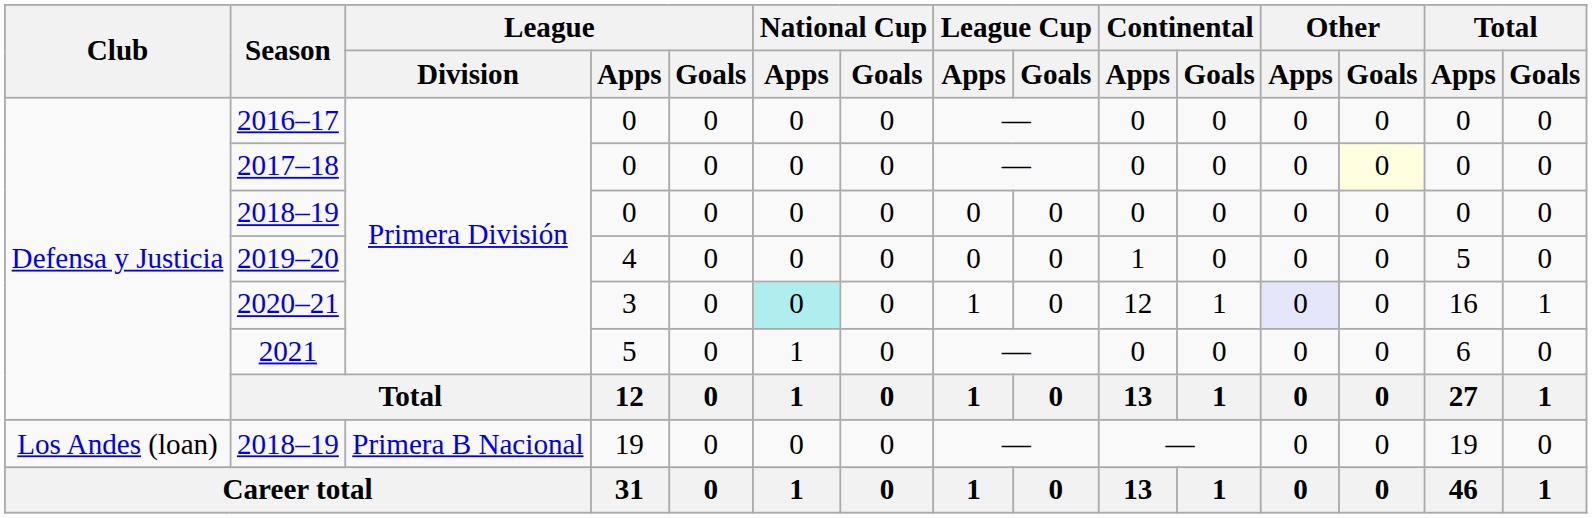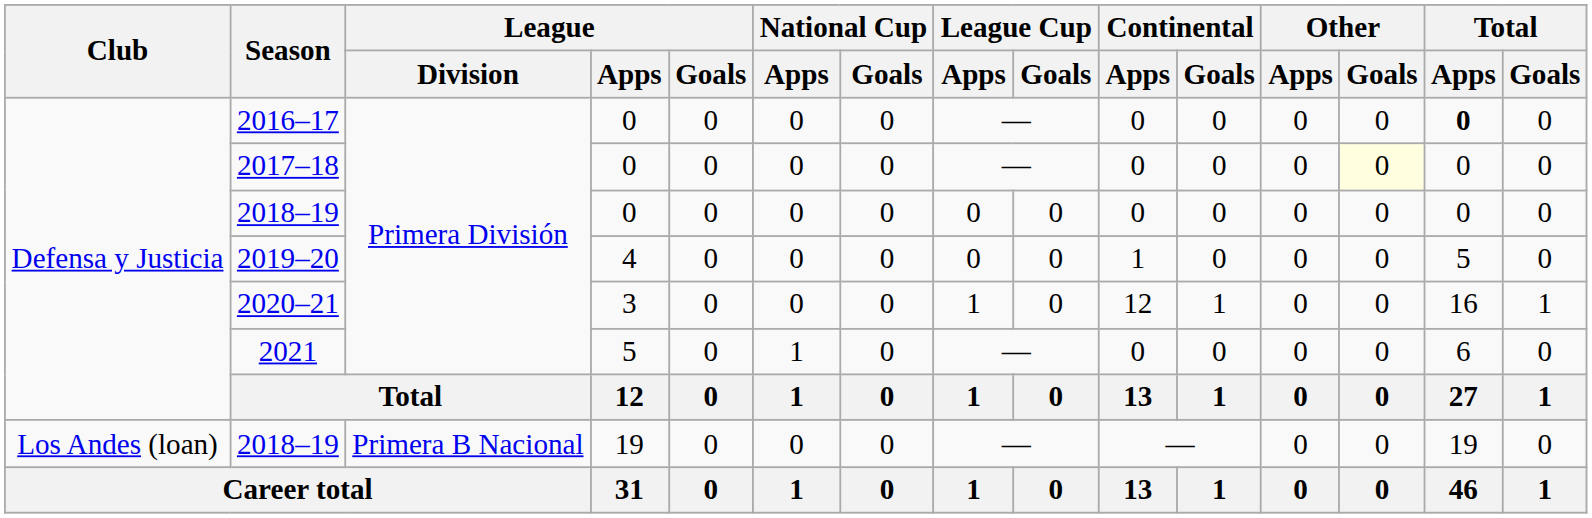 <table class="wikitable" style="text-align:center">
 <tr>
 <th rowspan="2">Club</th>
 <th rowspan="2">Season</th>
 <th colspan="3">League</th>
 <th colspan="2">National Cup</th>
 <th colspan="2">League Cup</th>
 <th colspan="2">Continental</th>
 <th colspan="2">Other</th>
 <th colspan="2">Total</th>
 </tr>
 <tr>
 <th>Division</th>
 <th>Apps</th>
 <th>Goals</th>
 <th>Apps</th>
 <th>Goals</th>
 <th>Apps</th>
 <th>Goals</th>
 <th>Apps</th>
 <th>Goals</th>
 <th>Apps</th>
 <th>Goals</th>
 <th>Apps</th>
 <th>Goals</th>
 </tr>
 <tr>
 <td rowspan="7"><a href='#'>Defensa y Justicia</a></td>
 <td><a href='#'>2016–17</a></td>
 <td rowspan="6"><a href='#'>Primera División</a></td>
 <td>0</td>
 <td>0</td>
 <td>0</td>
 <td>0</td>
 <td colspan="2">—</td>
 <td>0</td>
 <td>0</td>
 <td>0</td>
 <td>0</td>
-<td>0</td>
+<td><strong>0</strong></td>
 <td>0</td>
 </tr>
 <tr>
 <td><a href='#'>2017–18</a></td>
 <td>0</td>
 <td>0</td>
 <td>0</td>
 <td>0</td>
 <td colspan="2">—</td>
 <td>0</td>
 <td>0</td>
 <td>0</td>
 <td style="background: lightyellow;">0</td>
 <td>0</td>
 <td>0</td>
 </tr>
 <tr>
 <td><a href='#'>2018–19</a></td>
 <td>0</td>
 <td>0</td>
 <td>0</td>
 <td>0</td>
 <td>0</td>
 <td>0</td>
 <td>0</td>
 <td>0</td>
 <td>0</td>
 <td>0</td>
 <td>0</td>
 <td>0</td>
 </tr>
 <tr>
 <td><a href='#'>2019–20</a></td>
 <td>4</td>
 <td>0</td>
 <td>0</td>
 <td>0</td>
 <td>0</td>
 <td>0</td>
 <td>1</td>
 <td>0</td>
 <td>0</td>
 <td>0</td>
 <td>5</td>
 <td>0</td>
 </tr>
 <tr>
 <td><a href='#'>2020–21</a></td>
 <td>3</td>
 <td>0</td>
-<td style="background: paleturquoise;">0</td>
+<td>0</td>
 <td>0</td>
 <td>1</td>
 <td>0</td>
 <td>12</td>
 <td>1</td>
-<td style="background: lavender;">0</td>
+<td>0</td>
 <td>0</td>
 <td>16</td>
 <td>1</td>
 </tr>
 <tr>
 <td><a href='#'>2021</a></td>
 <td>5</td>
 <td>0</td>
 <td>1</td>
 <td>0</td>
 <td colspan="2">—</td>
 <td>0</td>
 <td>0</td>
 <td>0</td>
 <td>0</td>
 <td>6</td>
 <td>0</td>
 </tr>
 <tr>
 <th colspan="2">Total</th>
 <th>12</th>
 <th>0</th>
 <th>1</th>
 <th>0</th>
 <th>1</th>
 <th>0</th>
 <th>13</th>
 <th>1</th>
 <th>0</th>
 <th>0</th>
 <th>27</th>
 <th>1</th>
 </tr>
 <tr>
 <td rowspan="1"><a href='#'>Los Andes</a> (loan)</td>
 <td><a href='#'>2018–19</a></td>
 <td rowspan="1"><a href='#'>Primera B Nacional</a></td>
 <td>19</td>
 <td>0</td>
 <td>0</td>
 <td>0</td>
 <td colspan="2">—</td>
 <td colspan="2">—</td>
 <td>0</td>
 <td>0</td>
 <td>19</td>
 <td>0</td>
 </tr>
 <tr>
 <th colspan="3">Career total</th>
 <th>31</th>
 <th>0</th>
 <th>1</th>
 <th>0</th>
 <th>1</th>
 <th>0</th>
 <th>13</th>
 <th>1</th>
 <th>0</th>
 <th>0</th>
 <th>46</th>
 <th>1</th>
 </tr>
 </table>
